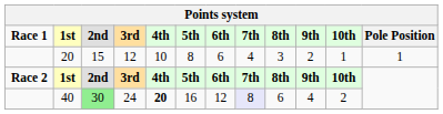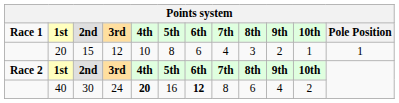 <table class="wikitable" style="font-size: 85%; text-align: center">
 <tr>
 <th colspan=12>Points system</th>
 </tr>
 <tr>
 <td> <strong>Race 1</strong> </td>
 <td style="background:#ffffbf;"> <strong>1st</strong> </td>
 <td style="background:#dfdfdf;"> <strong>2nd</strong> </td>
 <td style="background:#ffdf9f;"> <strong>3rd</strong> </td>
 <td style="background:#dfffdf;"> <strong>4th</strong> </td>
 <td style="background:#dfffdf;"> <strong>5th</strong> </td>
 <td style="background:#dfffdf;"> <strong>6th</strong> </td>
 <td style="background:#dfffdf;"> <strong>7th</strong> </td>
 <td style="background:#dfffdf;"> <strong>8th</strong> </td>
 <td style="background:#dfffdf;"> <strong>9th</strong> </td>
 <td style="background:#dfffdf;"> <strong>10th</strong> </td>
 <th>Pole Position</th>
 </tr>
 <tr>
 <td></td>
 <td>20</td>
 <td>15</td>
 <td>12</td>
 <td>10</td>
 <td>8</td>
 <td>6</td>
 <td>4</td>
 <td>3</td>
 <td>2</td>
 <td>1</td>
 <td>1</td>
 </tr>
 <tr>
 <td> <strong>Race 2</strong> </td>
 <td style="background:#ffffbf;"> <strong>1st</strong> </td>
 <td style="background:#dfdfdf;"> <strong>2nd</strong> </td>
 <td style="background:#ffdf9f;"> <strong>3rd</strong> </td>
 <td style="background:#dfffdf;"> <strong>4th</strong> </td>
 <td style="background:#dfffdf;"> <strong>5th</strong> </td>
 <td style="background:#dfffdf;"> <strong>6th</strong> </td>
 <td style="background:#dfffdf;"> <strong>7th</strong> </td>
 <td style="background:#dfffdf;"> <strong>8th</strong> </td>
 <td style="background:#dfffdf;"> <strong>9th</strong> </td>
 <td style="background:#dfffdf;"> <strong>10th</strong> </td>
 </tr>
 <tr>
 <td></td>
 <td>40</td>
-<td style="background: lightgreen;">30</td>
+<td>30</td>
 <td>24</td>
 <td><strong>20</strong></td>
 <td>16</td>
-<td>12</td>
-<td style="background: lavender;">8</td>
+<td><strong>12</strong></td>
+<td>8</td>
 <td>6</td>
 <td>4</td>
 <td>2</td>
 </tr>
 </table>
